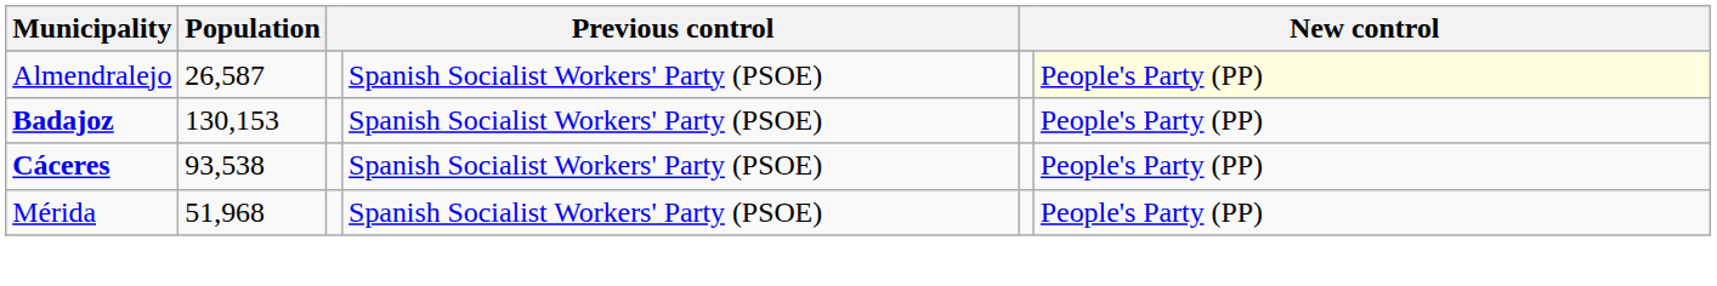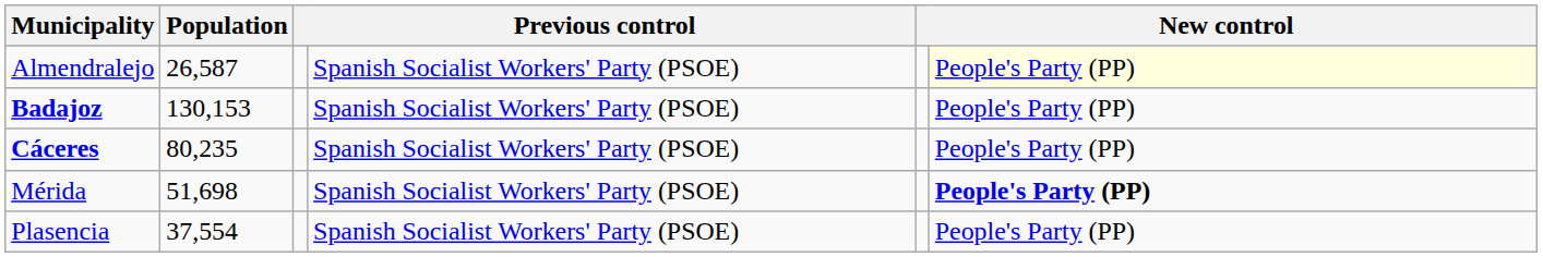 <table class="wikitable sortable">
 <tr>
 <th>Municipality</th>
 <th>Population</th>
 <th colspan="2" style="width:375px;">Previous control</th>
 <th colspan="2" style="width:375px;">New control</th>
 </tr>
 <tr>
 <td><a href='#'>Almendralejo</a></td>
 <td>26,587</td>
 <td width="1" style="color:inherit;background:"></td>
 <td><a href='#'>Spanish Socialist Workers' Party</a> (PSOE)</td>
 <td width="1" style="color:inherit;background:"></td>
 <td style="background: lightyellow;"><a href='#'>People's Party</a> (PP)</td>
 </tr>
 <tr>
 <td><strong><a href='#'>Badajoz</a></strong></td>
 <td>130,153</td>
 <td style="color:inherit;background:"></td>
 <td><a href='#'>Spanish Socialist Workers' Party</a> (PSOE)</td>
 <td style="color:inherit;background:"></td>
 <td><a href='#'>People's Party</a> (PP)</td>
 </tr>
 <tr>
 <td><strong><a href='#'>Cáceres</a></strong></td>
-<td>93,538</td>
+<td>80,235</td>
 <td style="color:inherit;background:"></td>
 <td><a href='#'>Spanish Socialist Workers' Party</a> (PSOE)</td>
 <td style="color:inherit;background:"></td>
 <td><a href='#'>People's Party</a> (PP)</td>
 </tr>
 <tr>
 <td><a href='#'>Mérida</a></td>
-<td>51,968</td>
+<td>51,698</td>
+<td style="color:inherit;background:"></td>
+<td><a href='#'>Spanish Socialist Workers' Party</a> (PSOE)</td>
+<td style="color:inherit;background:"></td>
+<td><strong><a href='#'>People's Party</a> (PP)</strong></td>
+</tr>
+<tr>
+<td><a href='#'>Plasencia</a></td>
+<td>37,554</td>
 <td style="color:inherit;background:"></td>
 <td><a href='#'>Spanish Socialist Workers' Party</a> (PSOE)</td>
 <td style="color:inherit;background:"></td>
 <td><a href='#'>People's Party</a> (PP)</td>
 </tr>
 </table>
